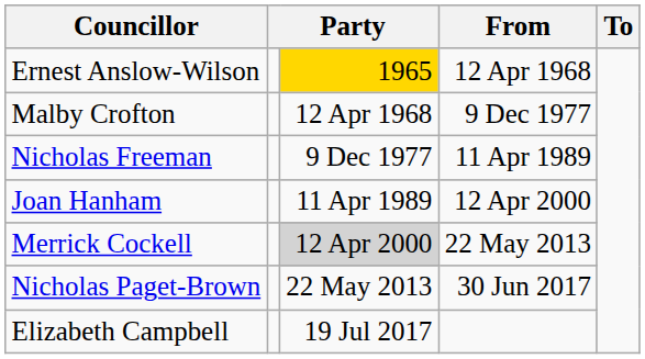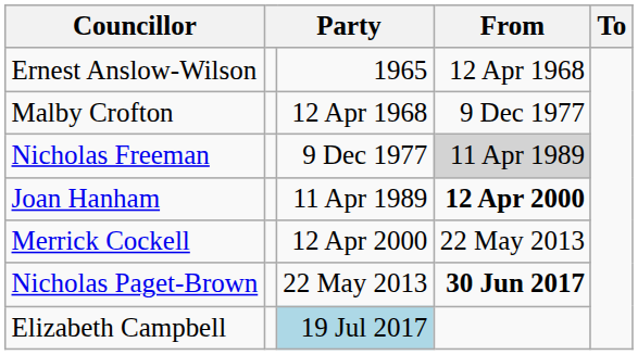 <table class=wikitable>
 <tr>
 <th>Councillor</th>
 <th colspan=2>Party</th>
 <th>From</th>
 <th>To</th>
 </tr>
 <tr>
 <td>Ernest Anslow-Wilson</td>
 <td></td>
-<td align=right style="background: gold;">1965</td>
+<td align=right>1965</td>
 <td align=right>12 Apr 1968</td>
 </tr>
 <tr>
 <td>Malby Crofton</td>
 <td></td>
 <td align=right>12 Apr 1968</td>
 <td align="right">9 Dec 1977</td>
 </tr>
 <tr>
 <td><a href='#'>Nicholas Freeman</a></td>
 <td></td>
 <td align=right>9 Dec 1977</td>
-<td align="right">11 Apr 1989</td>
+<td align="right" style="background: lightgrey;">11 Apr 1989</td>
 </tr>
 <tr>
 <td><a href='#'>Joan Hanham</a></td>
 <td></td>
 <td align=right>11 Apr 1989</td>
-<td align=right>12 Apr 2000</td>
+<td align=right><strong>12 Apr 2000</strong></td>
 </tr>
 <tr>
 <td><a href='#'>Merrick Cockell</a></td>
 <td></td>
-<td align=right style="background: lightgrey;">12 Apr 2000</td>
+<td align=right>12 Apr 2000</td>
 <td align=right>22 May 2013</td>
 </tr>
 <tr>
 <td><a href='#'>Nicholas Paget-Brown</a></td>
 <td></td>
 <td align=right>22 May 2013</td>
-<td align=right>30 Jun 2017</td>
+<td align=right><strong>30 Jun 2017</strong></td>
 </tr>
 <tr>
 <td>Elizabeth Campbell</td>
 <td></td>
-<td align=right>19 Jul 2017</td>
+<td align=right style="background: lightblue;">19 Jul 2017</td>
 <td></td>
 </tr>
 </table>
